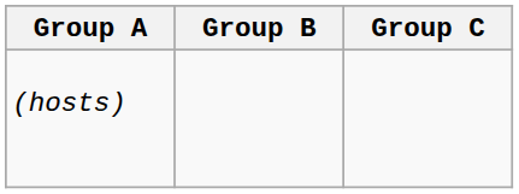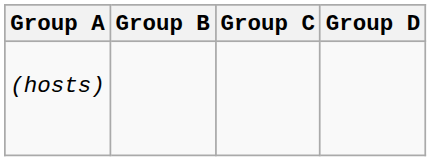 <table class="wikitable">
 <tr>
 <th width=25%>Group A</th>
 <th width=25%>Group B</th>
 <th width=25%>Group C</th>
+<th width=25%>Group D</th>
 </tr>
 <tr>
 <td><br> <em>(hosts)</em> <br>  <br>  <br> </td>
 <td><br> <br>  <br>  <br> <del></del></td>
 <td><br> <br>  <br>  <br> </td>
+<td><br> <br>  <br>  <br> </td>
 </tr>
 </table>
